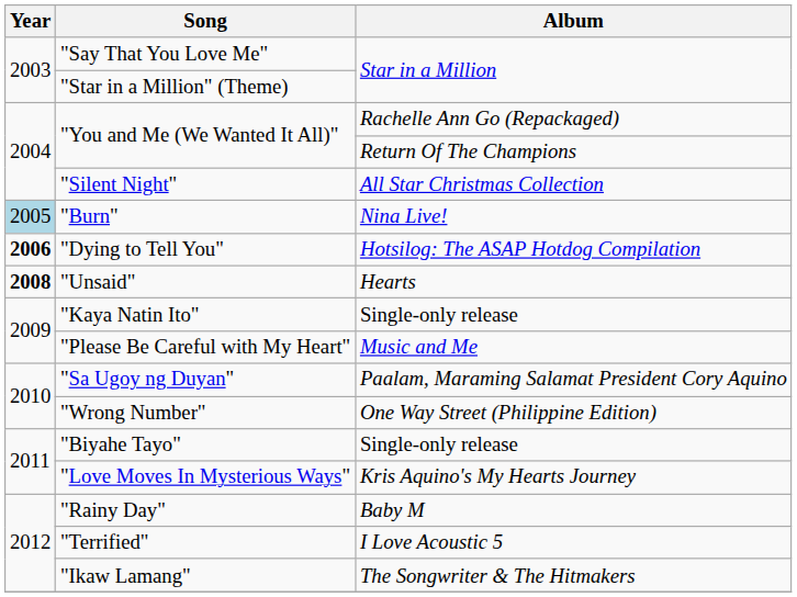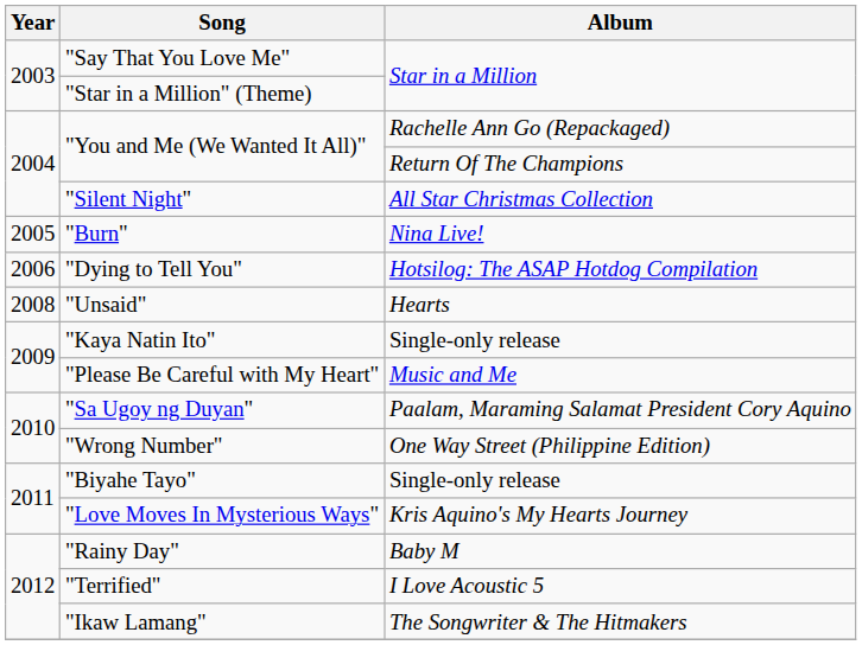 <table class="wikitable plainrowheaders">
 <tr>
 <th>Year</th>
 <th>Song</th>
 <th>Album</th>
 </tr>
 <tr>
 <td rowspan=2>2003</td>
 <td>"Say That You Love Me"</td>
 <td rowspan=2><em><a href='#'>Star in a Million</a></em></td>
 </tr>
 <tr>
 <td>"Star in a Million" (Theme) </td>
 </tr>
 <tr>
 <td rowspan=3>2004</td>
 <td rowspan=2>"You and Me (We Wanted It All)" </td>
 <td><em>Rachelle Ann Go (Repackaged)</em></td>
 </tr>
 <tr>
 <td><em>Return Of The Champions</em></td>
 </tr>
 <tr>
 <td>"<a href='#'>Silent Night</a>"</td>
 <td><em><a href='#'>All Star Christmas Collection</a></em></td>
 </tr>
 <tr>
-<td style="background: lightblue;">2005</td>
+<td>2005</td>
 <td>"<a href='#'>Burn</a>" </td>
 <td><em><a href='#'>Nina Live!</a></em></td>
 </tr>
 <tr>
-<td><strong>2006</strong></td>
+<td>2006</td>
 <td>"Dying to Tell You"</td>
 <td><em><a href='#'>Hotsilog: The ASAP Hotdog Compilation</a></em></td>
 </tr>
 <tr>
-<td><strong>2008</strong></td>
+<td>2008</td>
 <td>"Unsaid" </td>
 <td><em>Hearts</em></td>
 </tr>
 <tr>
 <td rowspan=2>2009</td>
 <td>"Kaya Natin Ito" </td>
 <td>Single-only release</td>
 </tr>
 <tr>
 <td>"Please Be Careful with My Heart" </td>
 <td><em><a href='#'>Music and Me</a></em></td>
 </tr>
 <tr>
 <td rowspan=2>2010</td>
 <td>"<a href='#'>Sa Ugoy ng Duyan</a>"</td>
 <td><em>Paalam, Maraming Salamat President Cory Aquino</em></td>
 </tr>
 <tr>
 <td>"Wrong Number" </td>
 <td><em>One Way Street (Philippine Edition)</em></td>
 </tr>
 <tr>
 <td rowspan=2>2011</td>
 <td>"Biyahe Tayo" </td>
 <td>Single-only release</td>
 </tr>
 <tr>
 <td>"<a href='#'>Love Moves In Mysterious Ways</a>"</td>
 <td><em>Kris Aquino's My Hearts Journey</em></td>
 </tr>
 <tr>
 <td rowspan=3>2012</td>
 <td>"Rainy Day" </td>
 <td><em>Baby M</em></td>
 </tr>
 <tr>
 <td>"Terrified" </td>
 <td><em>I Love Acoustic 5</em></td>
 </tr>
 <tr>
 <td>"Ikaw Lamang"</td>
 <td><em>The Songwriter & The Hitmakers</em></td>
 </tr>
 <tr>
 </tr>
 </table>
